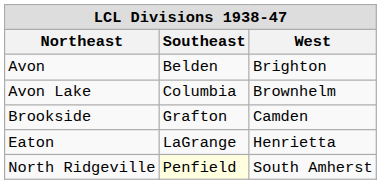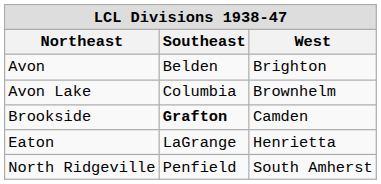 <table class="wikitable">
 <tr>
 <th colspan="6" style="background:#ddd;">LCL Divisions 1938-47</th>
 </tr>
 <tr>
 <th>Northeast</th>
 <th>Southeast</th>
 <th>West</th>
 </tr>
 <tr>
 <td>Avon</td>
 <td>Belden</td>
 <td>Brighton</td>
 </tr>
 <tr>
 <td>Avon Lake</td>
 <td>Columbia</td>
 <td>Brownhelm</td>
 </tr>
 <tr>
 <td>Brookside</td>
-<td>Grafton</td>
+<td><strong>Grafton</strong></td>
 <td>Camden</td>
 </tr>
 <tr>
 <td>Eaton</td>
 <td>LaGrange</td>
 <td>Henrietta</td>
 </tr>
 <tr>
 <td>North Ridgeville</td>
-<td style="background: lightyellow;">Penfield</td>
+<td>Penfield</td>
 <td>South Amherst</td>
 </tr>
 </table>
